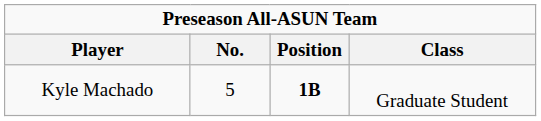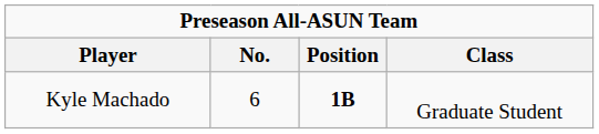 <table class="wikitable" style="text-align:center">
 <tr>
 <td colspan="5"><strong>Preseason All-ASUN Team</strong></td>
 </tr>
 <tr>
 <th style="width:150px; ">Player</th>
 <th style="width:60px; ">No.</th>
 <th style="width:60px; ">Position</th>
 <th style="width:150px; ">Class</th>
 </tr>
 <tr>
 <td>Kyle Machado</td>
-<td>5</td>
+<td>6</td>
 <td><strong>1B</strong></td>
 <td><br>Graduate Student</td>
 </tr>
 </table>
